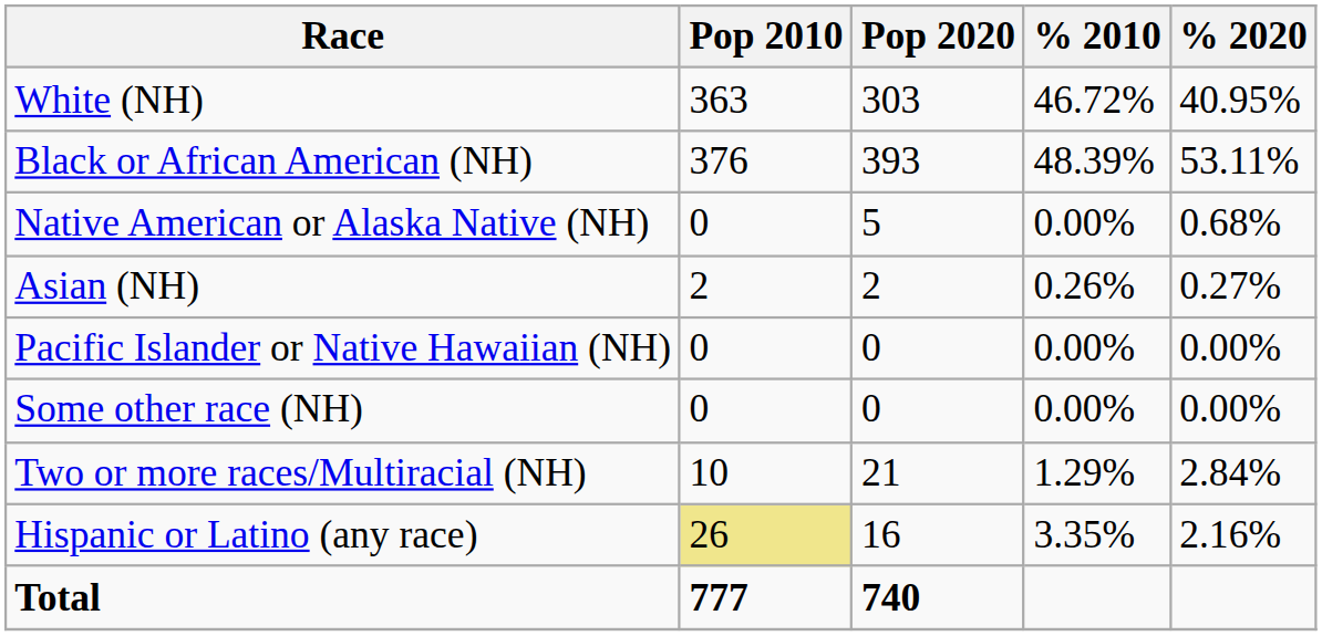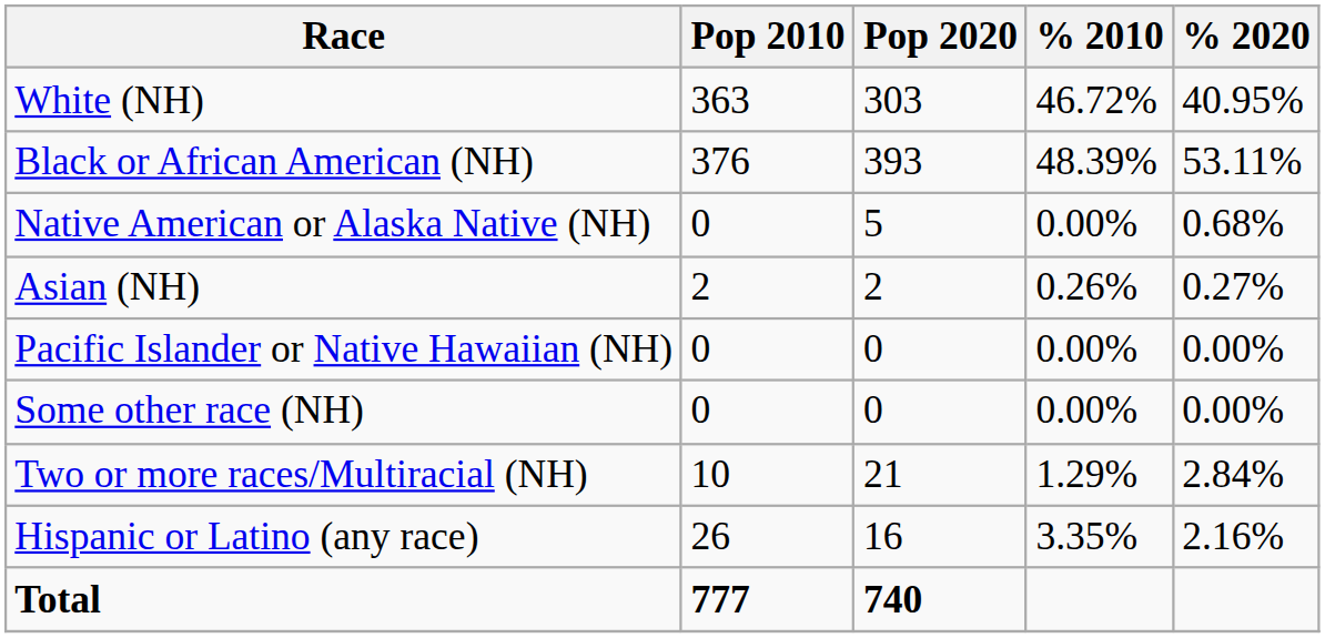 <table class="wikitable">
 <tr>
 <th>Race</th>
 <th>Pop 2010</th>
 <th>Pop 2020</th>
 <th>% 2010</th>
 <th>% 2020</th>
 </tr>
 <tr>
 <td><a href='#'>White</a> (NH)</td>
 <td>363</td>
 <td>303</td>
 <td>46.72%</td>
 <td>40.95%</td>
 </tr>
 <tr>
 <td><a href='#'>Black or African American</a> (NH)</td>
 <td>376</td>
 <td>393</td>
 <td>48.39%</td>
 <td>53.11%</td>
 </tr>
 <tr>
 <td><a href='#'>Native American</a> or <a href='#'>Alaska Native</a> (NH)</td>
 <td>0</td>
 <td>5</td>
 <td>0.00%</td>
 <td>0.68%</td>
 </tr>
 <tr>
 <td><a href='#'>Asian</a> (NH)</td>
 <td>2</td>
 <td>2</td>
 <td>0.26%</td>
 <td>0.27%</td>
 </tr>
 <tr>
 <td><a href='#'>Pacific Islander</a> or <a href='#'>Native Hawaiian</a> (NH)</td>
 <td>0</td>
 <td>0</td>
 <td>0.00%</td>
 <td>0.00%</td>
 </tr>
 <tr>
 <td><a href='#'>Some other race</a> (NH)</td>
 <td>0</td>
 <td>0</td>
 <td>0.00%</td>
 <td>0.00%</td>
 </tr>
 <tr>
 <td><a href='#'>Two or more races/Multiracial</a> (NH)</td>
 <td>10</td>
 <td>21</td>
 <td>1.29%</td>
 <td>2.84%</td>
 </tr>
 <tr>
 <td><a href='#'>Hispanic or Latino</a> (any race)</td>
-<td style="background: khaki;">26</td>
+<td>26</td>
 <td>16</td>
 <td>3.35%</td>
 <td>2.16%</td>
 </tr>
 <tr>
 <td><strong>Total</strong></td>
 <td><strong>777</strong></td>
 <td><strong>740</strong></td>
 <td></td>
 <td></td>
 </tr>
 <tr>
 </tr>
 </table>
